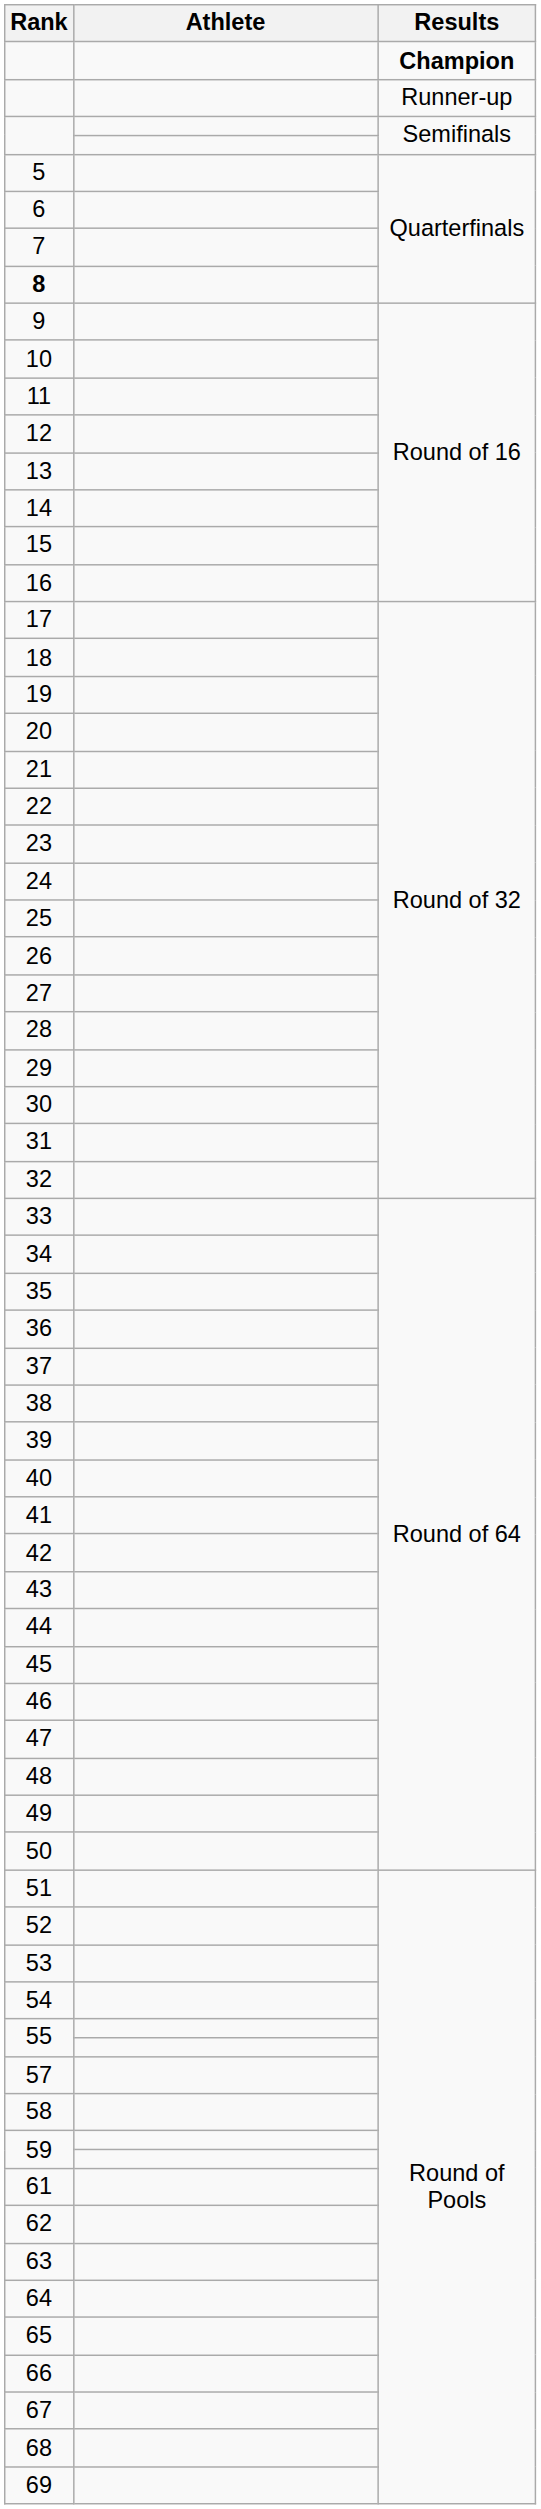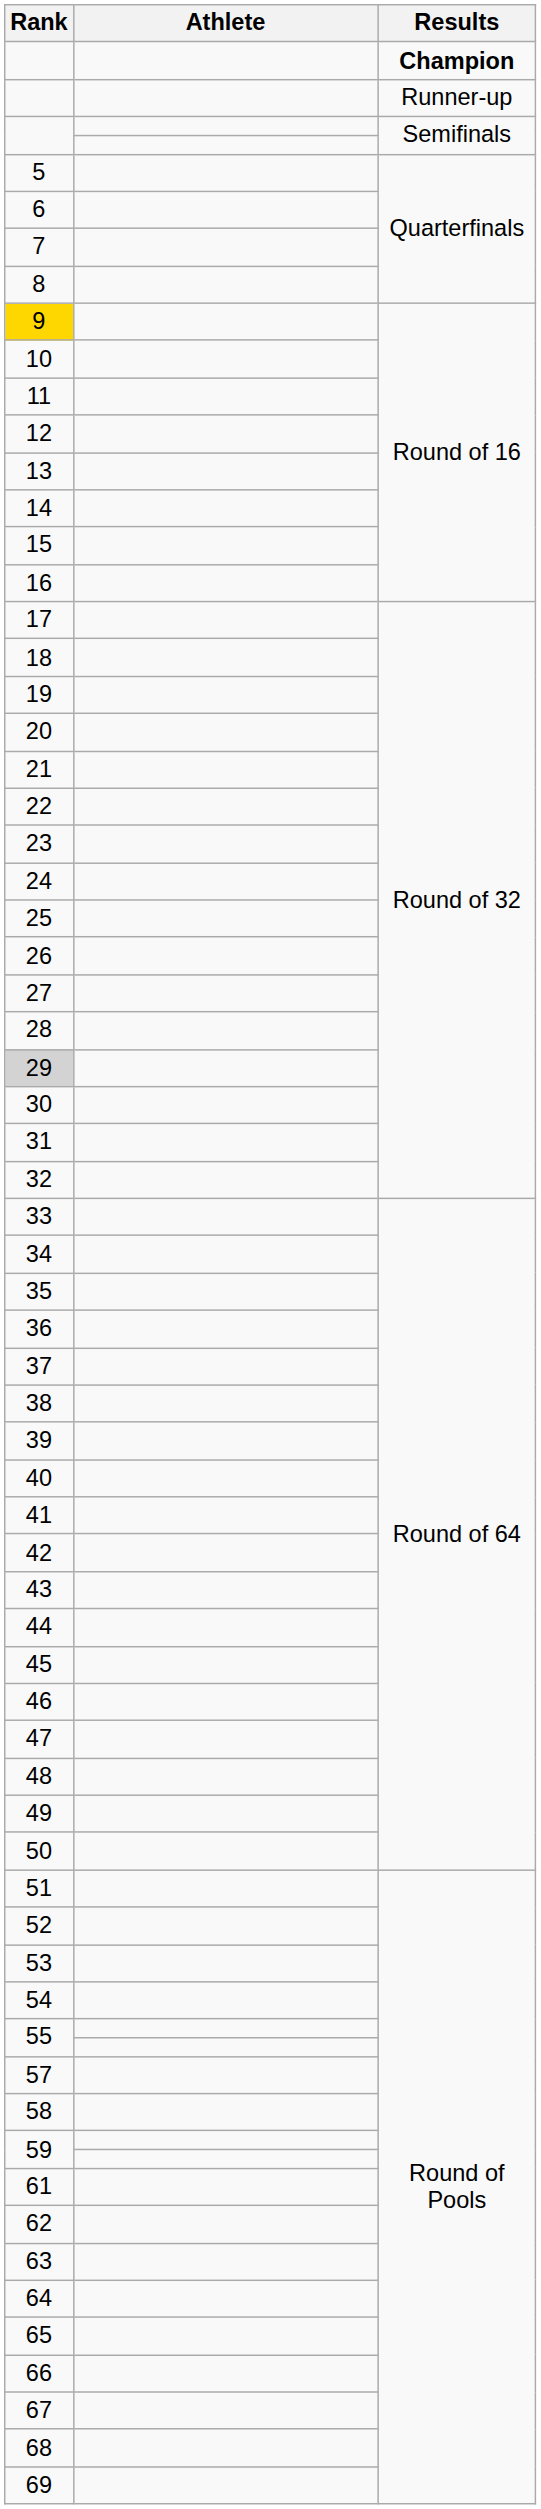 <table class="wikitable" style="text-align:center">
 <tr>
 <th width="25">Rank</th>
 <th width="200">Athlete</th>
 <th width="100">Results</th>
 </tr>
 <tr>
 <td></td>
 <td align="left"><strong></strong></td>
 <td><strong>Champion</strong></td>
 </tr>
 <tr>
 <td></td>
 <td align="left"></td>
 <td>Runner-up</td>
 </tr>
 <tr>
 <td rowspan="2"></td>
 <td align="left"></td>
 <td rowspan="2">Semifinals</td>
 </tr>
 <tr>
 <td align="left"></td>
 </tr>
 <tr>
 <td>5</td>
 <td align="left"></td>
 <td rowspan="4">Quarterfinals</td>
 </tr>
 <tr>
 <td>6</td>
 <td align="left"></td>
 </tr>
 <tr>
 <td>7</td>
 <td align="left"></td>
 </tr>
 <tr>
-<td><strong>8</strong></td>
+<td>8</td>
 <td align="left"></td>
 </tr>
 <tr>
-<td>9</td>
+<td style="background: gold;">9</td>
 <td align="left"></td>
 <td rowspan="8">Round of 16</td>
 </tr>
 <tr>
 <td>10</td>
 <td align="left"></td>
 </tr>
 <tr>
 <td>11</td>
 <td align="left"></td>
 </tr>
 <tr>
 <td>12</td>
 <td align="left"></td>
 </tr>
 <tr>
 <td>13</td>
 <td align="left"></td>
 </tr>
 <tr>
 <td>14</td>
 <td align="left"></td>
 </tr>
 <tr>
 <td>15</td>
 <td align="left"></td>
 </tr>
 <tr>
 <td>16</td>
 <td align="left"></td>
 </tr>
 <tr>
 <td>17</td>
 <td align="left"></td>
 <td rowspan="16">Round of 32</td>
 </tr>
 <tr>
 <td>18</td>
 <td align="left"></td>
 </tr>
 <tr>
 <td>19</td>
 <td align="left"></td>
 </tr>
 <tr>
 <td>20</td>
 <td align="left"></td>
 </tr>
 <tr>
 <td>21</td>
 <td align="left"></td>
 </tr>
 <tr>
 <td>22</td>
 <td align="left"></td>
 </tr>
 <tr>
 <td>23</td>
 <td align="left"></td>
 </tr>
 <tr>
 <td>24</td>
 <td align="left"></td>
 </tr>
 <tr>
 <td>25</td>
 <td align="left"></td>
 </tr>
 <tr>
 <td>26</td>
 <td align="left"></td>
 </tr>
 <tr>
 <td>27</td>
 <td align="left"></td>
 </tr>
 <tr>
 <td>28</td>
 <td align="left"></td>
 </tr>
 <tr>
-<td>29</td>
+<td style="background: lightgrey;">29</td>
 <td align="left"></td>
 </tr>
 <tr>
 <td>30</td>
 <td align="left"></td>
 </tr>
 <tr>
 <td>31</td>
 <td align="left"></td>
 </tr>
 <tr>
 <td>32</td>
 <td align="left"></td>
 </tr>
 <tr>
 <td>33</td>
 <td align="left"></td>
 <td rowspan="18">Round of 64</td>
 </tr>
 <tr>
 <td>34</td>
 <td align="left"></td>
 </tr>
 <tr>
 <td>35</td>
 <td align="left"></td>
 </tr>
 <tr>
 <td>36</td>
 <td align="left"></td>
 </tr>
 <tr>
 <td>37</td>
 <td align="left"></td>
 </tr>
 <tr>
 <td>38</td>
 <td align="left"></td>
 </tr>
 <tr>
 <td>39</td>
 <td align="left"></td>
 </tr>
 <tr>
 <td>40</td>
 <td align="left"></td>
 </tr>
 <tr>
 <td>41</td>
 <td align="left"></td>
 </tr>
 <tr>
 <td>42</td>
 <td align="left"></td>
 </tr>
 <tr>
 <td>43</td>
 <td align="left"></td>
 </tr>
 <tr>
 <td>44</td>
 <td align="left"></td>
 </tr>
 <tr>
 <td>45</td>
 <td align="left"></td>
 </tr>
 <tr>
 <td>46</td>
 <td align="left"></td>
 </tr>
 <tr>
 <td>47</td>
 <td align="left"></td>
 </tr>
 <tr>
 <td>48</td>
 <td align="left"></td>
 </tr>
 <tr>
 <td>49</td>
 <td align="left"></td>
 </tr>
 <tr>
 <td>50</td>
 <td align="left"></td>
 </tr>
 <tr>
 <td>51</td>
 <td align="left"></td>
 <td rowspan="19">Round of Pools</td>
 </tr>
 <tr>
 <td>52</td>
 <td align="left"></td>
 </tr>
 <tr>
 <td>53</td>
 <td align="left"></td>
 </tr>
 <tr>
 <td>54</td>
 <td align="left"></td>
 </tr>
 <tr>
 <td rowspan="2">55</td>
 <td align="left"></td>
 </tr>
 <tr>
 <td align="left"></td>
 </tr>
 <tr>
 <td>57</td>
 <td align="left"></td>
 </tr>
 <tr>
 <td>58</td>
 <td align="left"></td>
 </tr>
 <tr>
 <td rowspan="2">59</td>
 <td align="left"></td>
 </tr>
 <tr>
 <td align="left"></td>
 </tr>
 <tr>
 <td>61</td>
 <td align="left"></td>
 </tr>
 <tr>
 <td>62</td>
 <td align="left"></td>
 </tr>
 <tr>
 <td>63</td>
 <td align="left"></td>
 </tr>
 <tr>
 <td>64</td>
 <td align="left"></td>
 </tr>
 <tr>
 <td>65</td>
 <td align="left"></td>
 </tr>
 <tr>
 <td>66</td>
 <td align="left"></td>
 </tr>
 <tr>
 <td>67</td>
 <td align="left"></td>
 </tr>
 <tr>
 <td>68</td>
 <td align="left"></td>
 </tr>
 <tr>
 <td>69</td>
 <td align="left"></td>
 </tr>
 </table>
